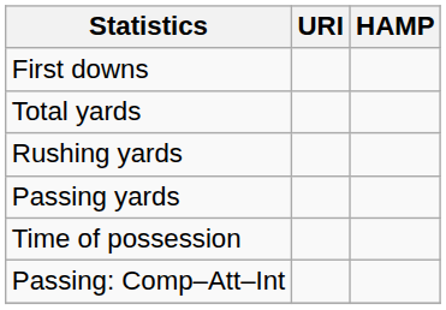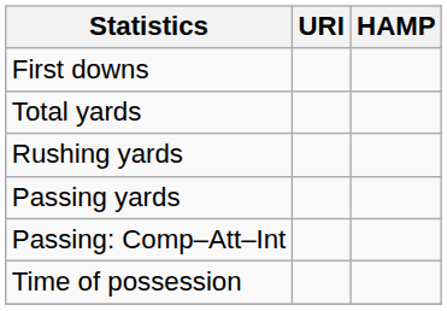 <table class="wikitable" style="float: left;">
 <tr>
 <th>Statistics</th>
 <th>URI</th>
 <th>HAMP</th>
 </tr>
 <tr>
 <td>First downs</td>
 <td></td>
 <td></td>
 </tr>
 <tr>
 <td>Total yards</td>
 <td></td>
 <td></td>
 </tr>
 <tr>
 <td>Rushing yards</td>
 <td></td>
 <td></td>
 </tr>
 <tr>
 <td>Passing yards</td>
 <td></td>
 <td></td>
 </tr>
 <tr>
-<td>Time of possession</td>
+<td>Passing: Comp–Att–Int</td>
 <td></td>
 <td></td>
 </tr>
 <tr>
-<td>Passing: Comp–Att–Int</td>
+<td>Time of possession</td>
 <td></td>
 <td></td>
 </tr>
 <tr>
 </tr>
 </table>
